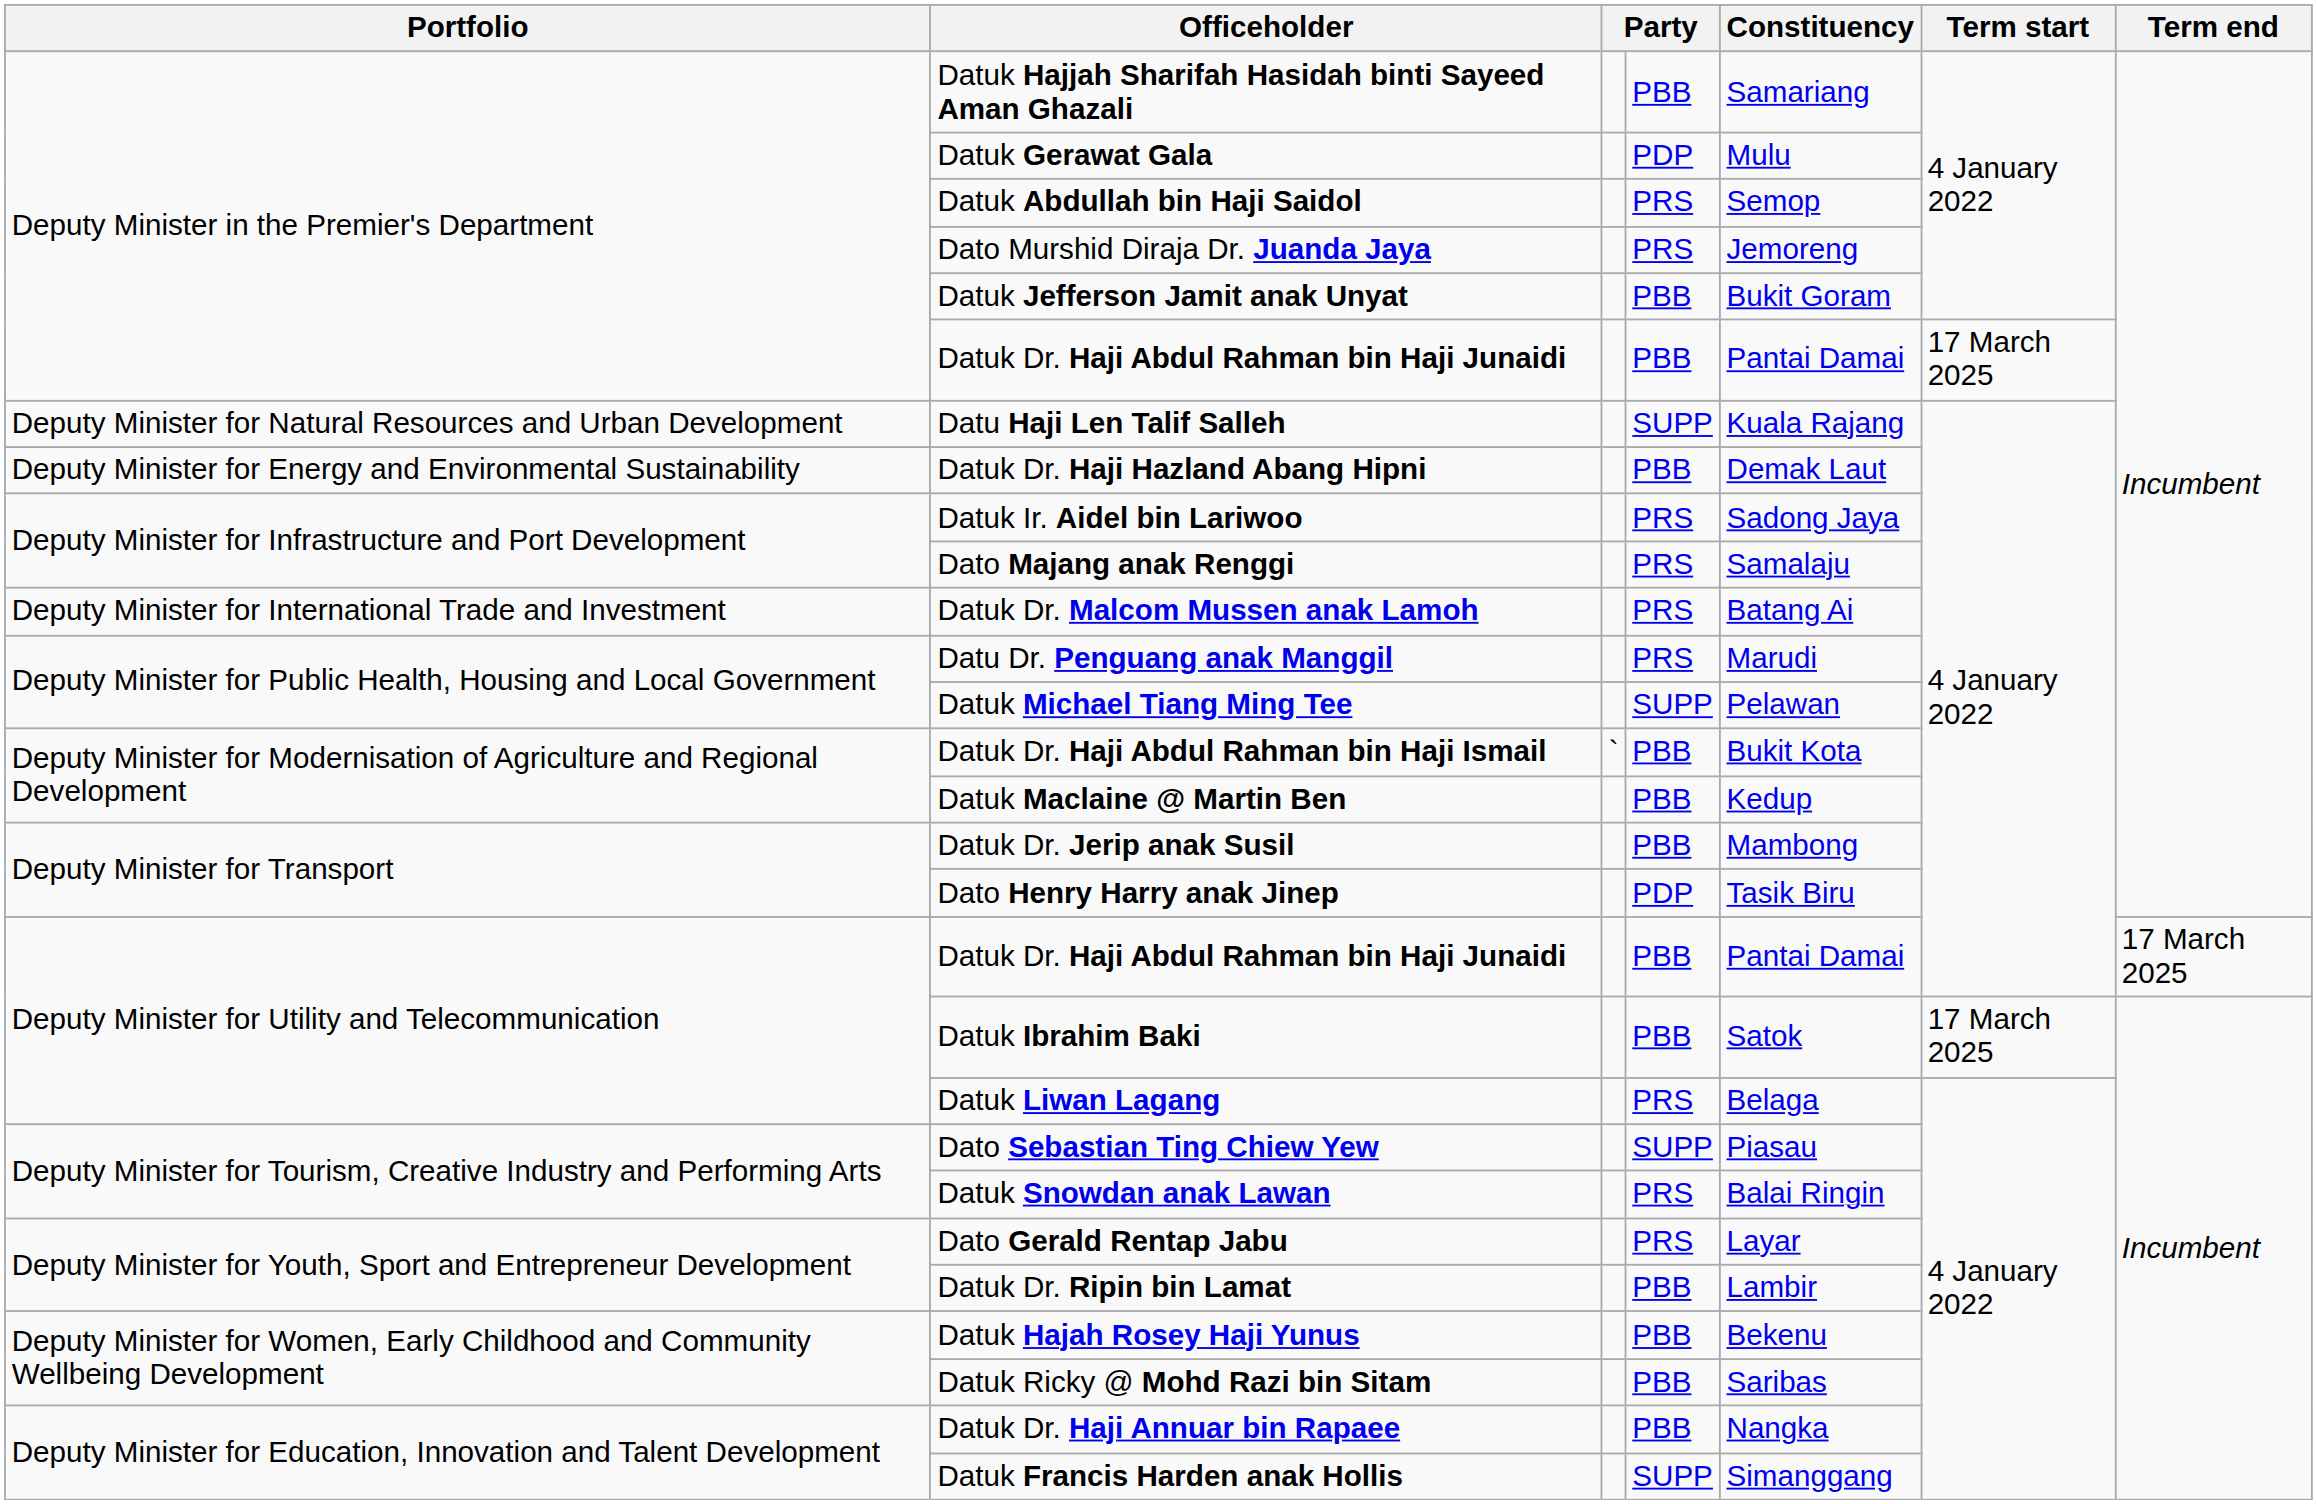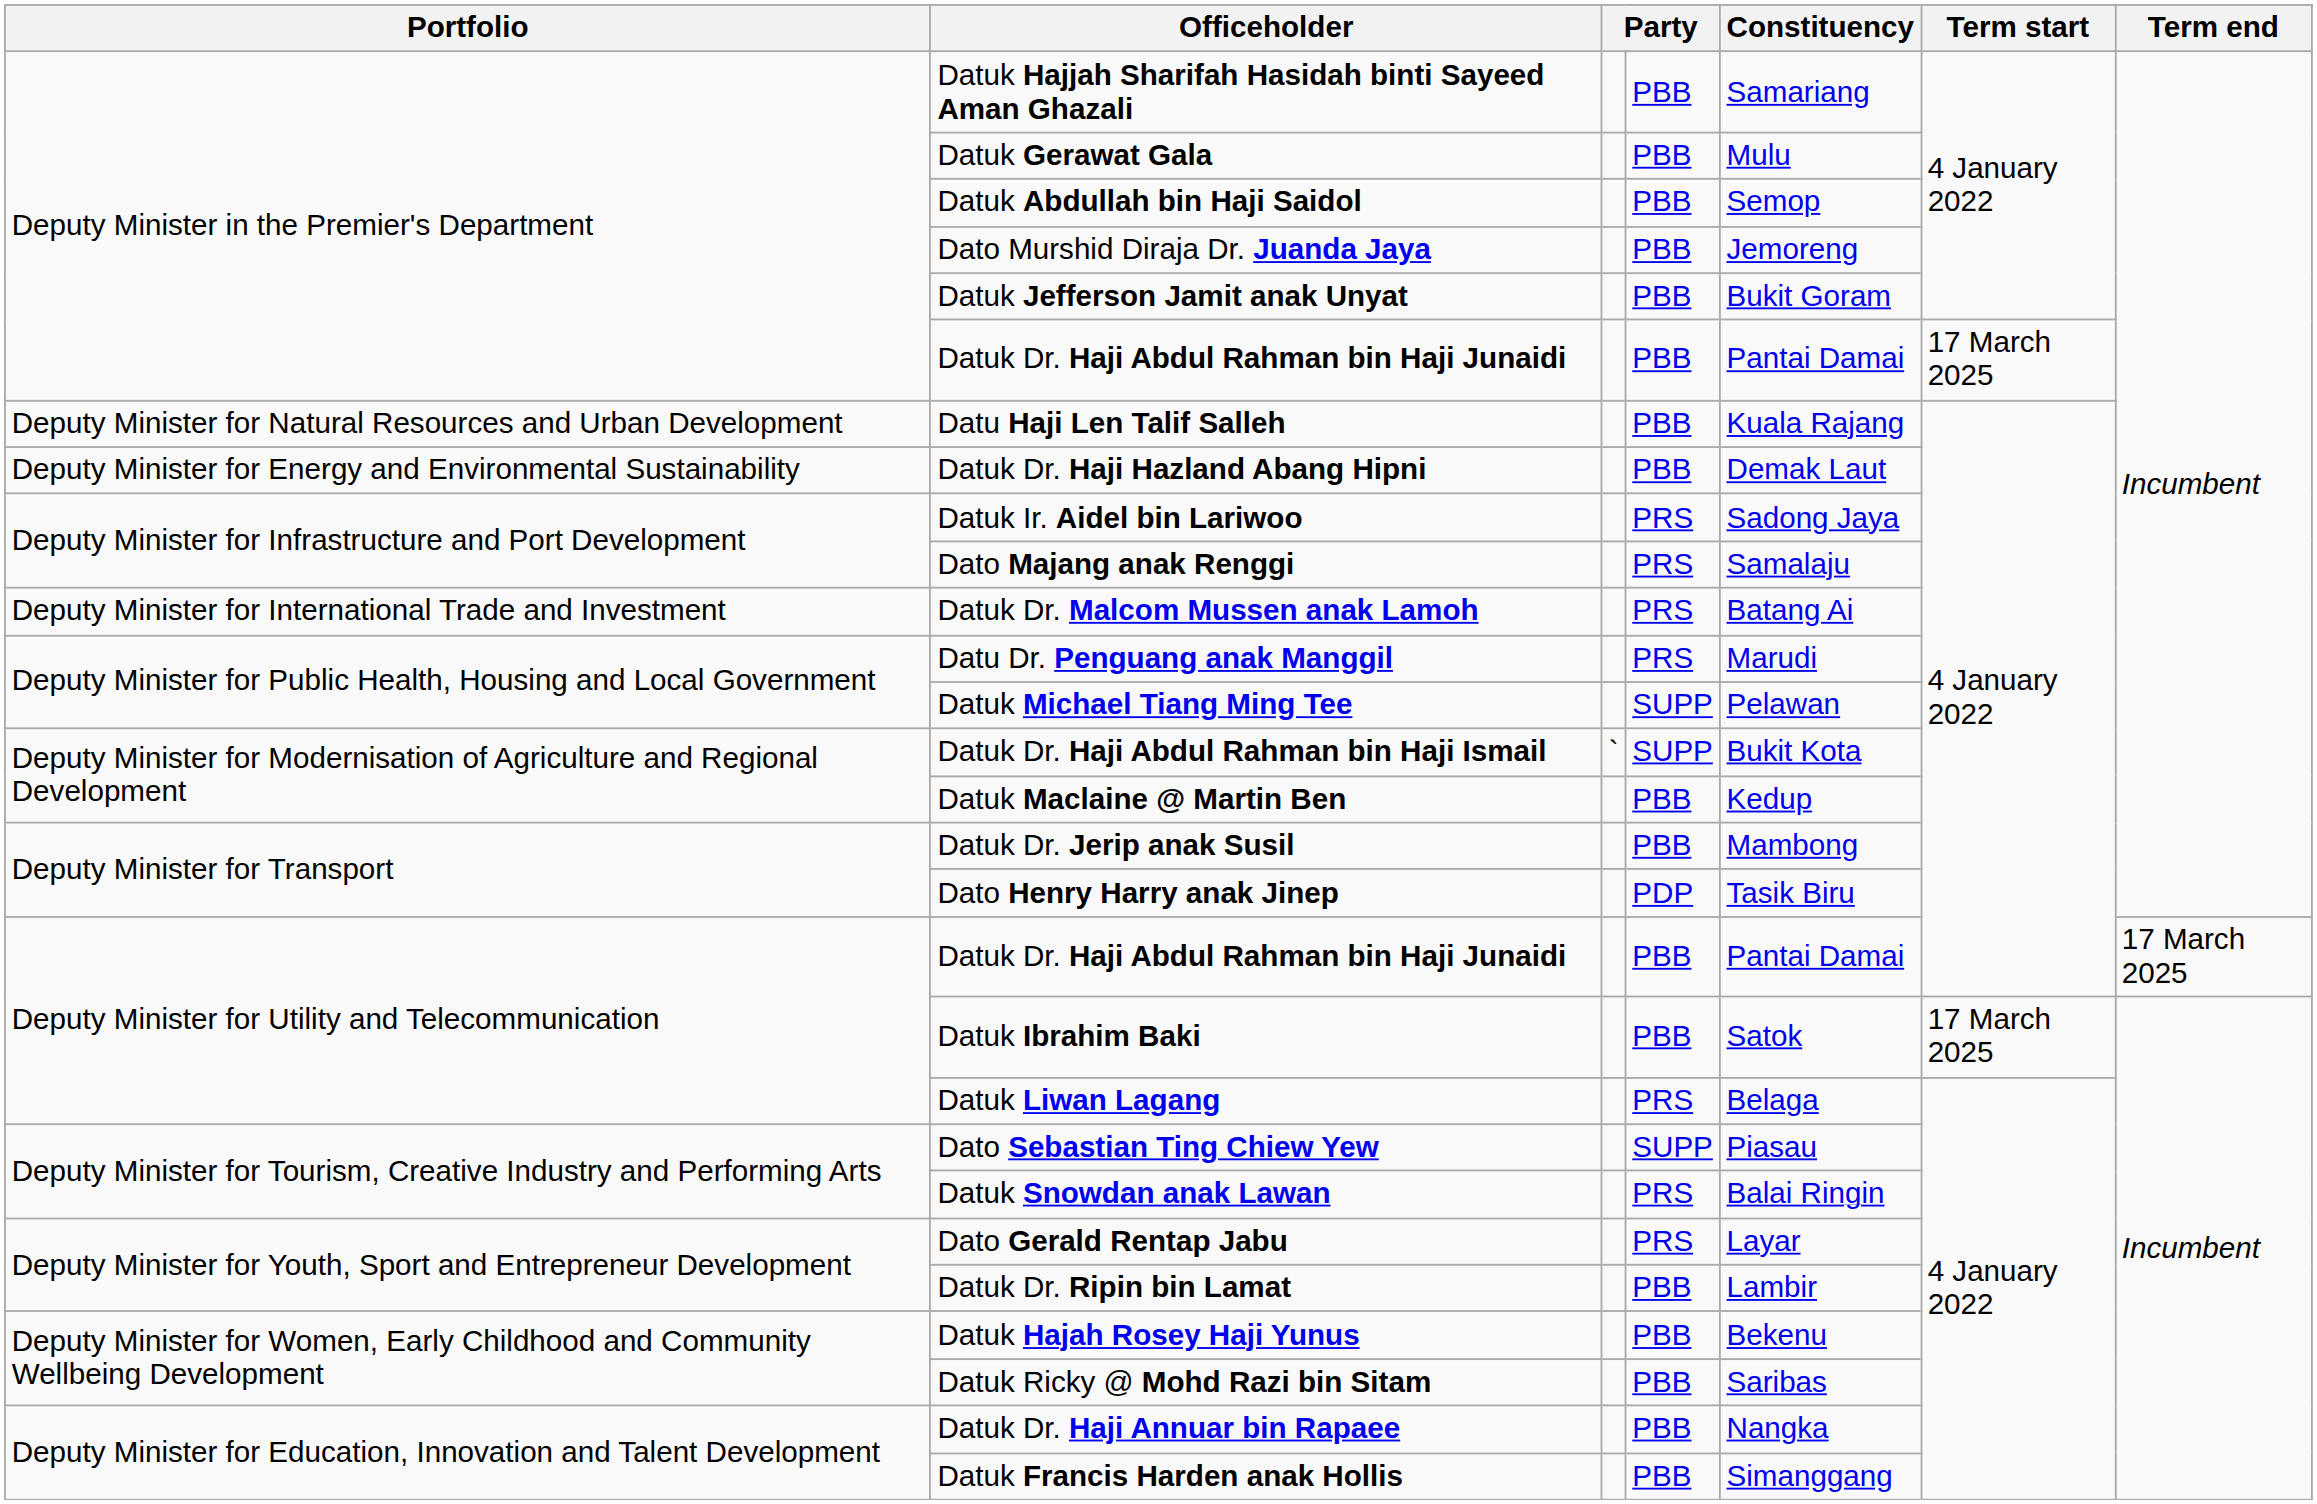 <table class="wikitable sortable">
 <tr>
 <th>Portfolio</th>
 <th>Officeholder</th>
 <th colspan="2">Party</th>
 <th>Constituency</th>
 <th>Term start</th>
 <th>Term end</th>
 </tr>
 <tr>
 <td rowspan="6">Deputy Minister in the Premier's Department</td>
 <td>Datuk <strong>Hajjah Sharifah Hasidah binti Sayeed Aman Ghazali</strong><br> </td>
 <td style="background:"></td>
 <td><a href='#'>PBB</a></td>
 <td><a href='#'>Samariang</a></td>
 <td rowspan="5">4 January 2022</td>
 <td rowspan="17"><em>Incumbent</em></td>
 </tr>
 <tr>
 <td>Datuk <strong>Gerawat Gala</strong><br> </td>
 <td style="background:"></td>
-<td><a href='#'>PDP</a></td>
+<td><a href='#'>PBB</a></td>
 <td><a href='#'>Mulu</a></td>
 </tr>
 <tr>
 <td>Datuk <strong>Abdullah bin Haji Saidol</strong><br> </td>
 <td style="background:"></td>
-<td><a href='#'>PRS</a></td>
+<td><a href='#'>PBB</a></td>
 <td><a href='#'>Semop</a></td>
 </tr>
 <tr>
 <td>Dato Murshid Diraja Dr. <strong><a href='#'>Juanda Jaya</a></strong> <br> </td>
 <td style="background:"></td>
-<td><a href='#'>PRS</a></td>
+<td><a href='#'>PBB</a></td>
 <td><a href='#'>Jemoreng</a></td>
 </tr>
 <tr>
 <td>Datuk <strong>Jefferson Jamit anak Unyat</strong><br> </td>
 <td style="background:"></td>
 <td><a href='#'>PBB</a></td>
 <td><a href='#'>Bukit Goram</a></td>
 </tr>
 <tr>
 <td>Datuk Dr. <strong>Haji Abdul Rahman bin Haji Junaidi</strong><br> </td>
 <td style="background:"></td>
 <td><a href='#'>PBB</a></td>
 <td><a href='#'>Pantai Damai</a></td>
 <td>17 March 2025</td>
 </tr>
 <tr>
 <td>Deputy Minister for Natural Resources and Urban Development</td>
 <td>Datu <strong>Haji Len Talif Salleh</strong></td>
 <td style="background:"></td>
-<td><a href='#'>SUPP</a></td>
+<td><a href='#'>PBB</a></td>
 <td><a href='#'>Kuala Rajang</a></td>
 <td rowspan="12">4 January 2022</td>
 </tr>
 <tr>
 <td>Deputy Minister for Energy and Environmental Sustainability</td>
 <td>Datuk Dr. <strong>Haji Hazland Abang Hipni</strong></td>
 <td style="background:"></td>
 <td><a href='#'>PBB</a></td>
 <td><a href='#'>Demak Laut</a></td>
 </tr>
 <tr>
 <td rowspan="2">Deputy Minister for Infrastructure and Port Development</td>
 <td>Datuk Ir. <strong>Aidel bin Lariwoo</strong><br> </td>
 <td style="background:"></td>
 <td><a href='#'>PRS</a></td>
 <td><a href='#'>Sadong Jaya</a></td>
 </tr>
 <tr>
 <td>Dato <strong>Majang anak Renggi</strong><br> </td>
 <td></td>
 <td><a href='#'>PRS</a></td>
 <td><a href='#'>Samalaju</a></td>
 </tr>
 <tr>
 <td>Deputy Minister for International Trade and Investment</td>
 <td>Datuk Dr. <a href='#'><strong>Malcom Mussen anak Lamoh</strong></a></td>
 <td></td>
 <td><a href='#'>PRS</a></td>
 <td><a href='#'>Batang Ai</a></td>
 </tr>
 <tr>
 <td rowspan="2">Deputy Minister for Public Health, Housing and Local Government</td>
 <td>Datu Dr. <strong><a href='#'>Penguang anak Manggil</a></strong> <br> </td>
 <td></td>
 <td><a href='#'>PRS</a></td>
 <td><a href='#'>Marudi</a></td>
 </tr>
 <tr>
 <td>Datuk <strong><a href='#'>Michael Tiang Ming Tee</a></strong><br> </td>
 <td></td>
 <td><a href='#'>SUPP</a></td>
 <td><a href='#'>Pelawan</a></td>
 </tr>
 <tr>
 <td rowspan="2">Deputy Minister for Modernisation of Agriculture and Regional Development</td>
 <td>Datuk Dr. <strong>Haji Abdul Rahman bin Haji Ismail</strong> <br> </td>
 <td style="background:">`</td>
-<td><a href='#'>PBB</a></td>
+<td><a href='#'>SUPP</a></td>
 <td><a href='#'>Bukit Kota</a></td>
 </tr>
 <tr>
 <td>Datuk <strong>Maclaine @ Martin Ben</strong><br> </td>
 <td style="background:"></td>
 <td><a href='#'>PBB</a></td>
 <td><a href='#'>Kedup</a></td>
 </tr>
 <tr>
 <td rowspan="2">Deputy Minister for Transport</td>
 <td>Datuk Dr. <strong>Jerip anak Susil</strong></td>
 <td style="background:"></td>
 <td><a href='#'>PBB</a></td>
 <td><a href='#'>Mambong</a></td>
 </tr>
 <tr>
 <td>Dato <strong>Henry Harry anak Jinep</strong></td>
 <td></td>
 <td><a href='#'>PDP</a></td>
 <td><a href='#'>Tasik Biru</a></td>
 </tr>
 <tr>
 <td rowspan="3">Deputy Minister for Utility and Telecommunication</td>
 <td>Datuk Dr. <strong>Haji Abdul Rahman bin Haji Junaidi</strong><br> </td>
 <td style="background:"></td>
 <td><a href='#'>PBB</a></td>
 <td><a href='#'>Pantai Damai</a></td>
 <td>17 March 2025</td>
 </tr>
 <tr>
 <td>Datuk <strong>Ibrahim Baki</strong><br> </td>
 <td style="background:"></td>
 <td><a href='#'>PBB</a></td>
 <td><a href='#'>Satok</a></td>
 <td>17 March 2025</td>
 <td rowspan="10"><em>Incumbent</em></td>
 </tr>
 <tr>
 <td>Datuk <strong><a href='#'>Liwan Lagang</a></strong> <br> </td>
 <td></td>
 <td><a href='#'>PRS</a></td>
 <td><a href='#'>Belaga</a></td>
 <td rowspan="9">4 January 2022</td>
 </tr>
 <tr>
 <td rowspan="2">Deputy Minister for Tourism, Creative Industry and Performing Arts</td>
 <td>Dato <strong><a href='#'>Sebastian Ting Chiew Yew</a></strong> <br> </td>
 <td></td>
 <td><a href='#'>SUPP</a></td>
 <td><a href='#'>Piasau</a></td>
 </tr>
 <tr>
 <td>Datuk <strong><a href='#'>Snowdan anak Lawan</a></strong> <br> </td>
 <td></td>
 <td><a href='#'>PRS</a></td>
 <td><a href='#'>Balai Ringin</a></td>
 </tr>
 <tr>
 <td rowspan="2">Deputy Minister for Youth, Sport and Entrepreneur Development</td>
 <td>Dato <strong>Gerald Rentap Jabu</strong><br> </td>
 <td style="background:"></td>
 <td><a href='#'>PRS</a></td>
 <td><a href='#'>Layar</a></td>
 </tr>
 <tr>
 <td>Datuk Dr. <strong>Ripin bin Lamat</strong><br> </td>
 <td style="background:"></td>
 <td><a href='#'>PBB</a></td>
 <td><a href='#'>Lambir</a></td>
 </tr>
 <tr>
 <td rowspan="2">Deputy Minister for Women, Early Childhood and Community Wellbeing Development</td>
 <td>Datuk <strong><a href='#'>Hajah Rosey Haji Yunus</a></strong> <br> </td>
 <td style="background:"></td>
 <td><a href='#'>PBB</a></td>
 <td><a href='#'>Bekenu</a></td>
 </tr>
 <tr>
 <td>Datuk Ricky @ <strong>Mohd Razi bin Sitam</strong><br> </td>
 <td style="background:"></td>
 <td><a href='#'>PBB</a></td>
 <td><a href='#'>Saribas</a></td>
 </tr>
 <tr>
 <td rowspan="2">Deputy Minister for Education, Innovation and Talent Development</td>
 <td>Datuk Dr. <strong><a href='#'>Haji Annuar bin Rapaee</a></strong> <br> </td>
 <td style="background:"></td>
 <td><a href='#'>PBB</a></td>
 <td><a href='#'>Nangka</a></td>
 </tr>
 <tr>
 <td>Datuk <strong>Francis Harden anak Hollis</strong><br> </td>
 <td></td>
-<td><a href='#'>SUPP</a></td>
+<td><a href='#'>PBB</a></td>
 <td><a href='#'>Simanggang</a></td>
 </tr>
 </table>
